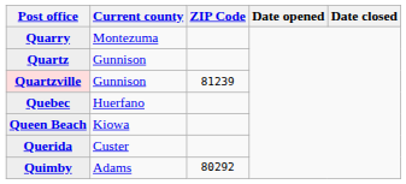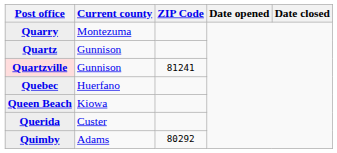 <table class="wikitable sortable  plainrowheaders" style="margin:auto;">
 <tr>
 <th scope=col><a href='#'>Post office</a></th>
 <th scope=col><a href='#'>Current county</a></th>
 <th scope=col><a href='#'>ZIP Code</a></th>
 <th scope=col>Date opened</th>
 <th scope=col>Date closed</th>
 </tr>
 <tr>
 <th scope=row rowspan=1 style="background-color:#EEEEEE;"><a href='#'>Quarry</a></th>
 <td rowspan=1><a href='#'>Montezuma</a></td>
 <td rowspan=1 align=center style="font-family:monospace;"><br> </td>
 </tr>
 <tr>
 <th scope=row rowspan=1 style="background-color:#EEEEEE;"><a href='#'>Quartz</a></th>
 <td rowspan=1><a href='#'>Gunnison</a></td>
 <td rowspan=1 align=center style="font-family:monospace;"><br> </td>
 </tr>
 <tr>
 <th scope=row rowspan=1 style="background-color:#FFDDDD;"><a href='#'>Quartzville</a></th>
 <td rowspan=1><a href='#'>Gunnison</a></td>
-<td rowspan=1 align=center style="font-family:monospace;">81239<br> </td>
+<td rowspan=1 align=center style="font-family:monospace;">81241<br> </td>
 </tr>
 <tr>
 <th scope=row rowspan=1 style="background-color:#EEEEEE;"><a href='#'>Quebec</a></th>
 <td rowspan=1><a href='#'>Huerfano</a></td>
 <td rowspan=1 align=center style="font-family:monospace;"><br> </td>
 </tr>
 <tr>
 <th scope=row rowspan=1 style="background-color:#EEEEEE;"><a href='#'>Queen Beach</a></th>
 <td rowspan=1><a href='#'>Kiowa</a></td>
 <td rowspan=1 align=center style="font-family:monospace;"><br> </td>
 </tr>
 <tr>
 <th scope=row rowspan=3 style="background-color:#EEEEEE;"><a href='#'>Querida</a></th>
 <td rowspan=3><a href='#'>Custer</a></td>
 <td rowspan=3 align=center style="font-family:monospace;"><br> </td>
 </tr>
 <tr>
 </tr>
 <tr>
 </tr>
 <tr>
 <th scope=row rowspan=1 style="background-color:#EEEEEE;"><a href='#'>Quimby</a></th>
 <td rowspan=1><a href='#'>Adams</a></td>
 <td rowspan=1 align=center style="font-family:monospace;">80292<br> </td>
 </tr>
 </table>
